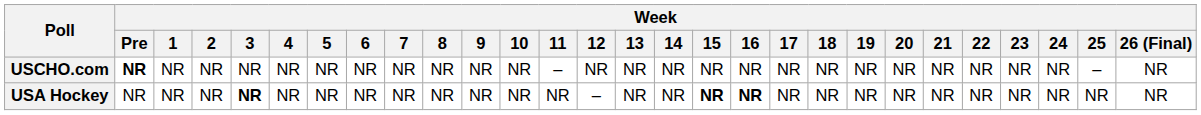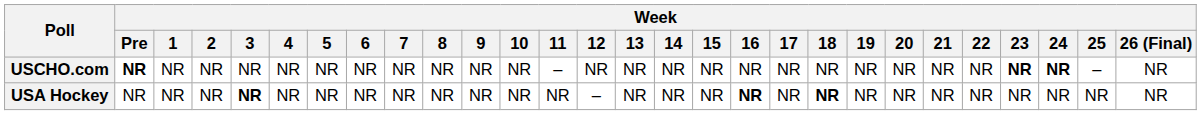 <table class="wikitable" style="white-space:nowrap;">
 <tr>
 <th scope="col" width="100" rowspan="2">Poll</th>
 <th colspan="28">Week</th>
 </tr>
 <tr>
 <th scope="col" width="30">Pre</th>
 <th scope="col" width="30">1</th>
 <th scope="col" width="30">2</th>
 <th scope="col" width="30">3</th>
 <th scope="col" width="30">4</th>
 <th scope="col" width="30">5</th>
 <th scope="col" width="30">6</th>
 <th scope="col" width="30">7</th>
 <th scope="col" width="30">8</th>
 <th scope="col" width="30">9</th>
 <th scope="col" width="30">10</th>
 <th scope="col" width="30">11</th>
 <th scope="col" width="30">12</th>
 <th scope="col" width="30">13</th>
 <th scope="col" width="30">14</th>
 <th scope="col" width="30">15</th>
 <th scope="col" width="30">16</th>
 <th scope="col" width="30">17</th>
 <th scope="col" width="30">18</th>
 <th scope="col" width="30">19</th>
 <th scope="col" width="30">20</th>
 <th scope="col" width="30">21</th>
 <th scope="col" width="30">22</th>
 <th scope="col" width="30">23</th>
 <th scope="col" width="30">24</th>
 <th scope="col" width="30">25</th>
 <th scope="col" width="30">26 (Final)</th>
 </tr>
 <tr style="text-align:center;">
 <th>USCHO.com</th>
 <td bgcolor=FFFFFF><strong>NR</strong></td>
 <td bgcolor=FFFFFF>NR</td>
 <td bgcolor=FFFFFF>NR</td>
 <td bgcolor=FFFFFF>NR</td>
 <td bgcolor=FFFFFF>NR</td>
 <td bgcolor=FFFFFF>NR</td>
 <td bgcolor=FFFFFF>NR</td>
 <td bgcolor=FFFFFF>NR</td>
 <td bgcolor=FFFFFF>NR</td>
 <td bgcolor=FFFFFF>NR</td>
 <td bgcolor=FFFFFF>NR</td>
 <td bgcolor=FFFFFF>–</td>
 <td bgcolor=FFFFFF>NR</td>
 <td bgcolor=FFFFFF>NR</td>
 <td bgcolor=FFFFFF>NR</td>
 <td bgcolor=FFFFFF>NR</td>
 <td bgcolor=FFFFFF>NR</td>
 <td bgcolor=FFFFFF>NR</td>
 <td bgcolor=FFFFFF>NR</td>
 <td bgcolor=FFFFFF>NR</td>
 <td bgcolor=FFFFFF>NR</td>
 <td bgcolor=FFFFFF>NR</td>
 <td bgcolor=FFFFFF>NR</td>
-<td bgcolor=FFFFFF>NR</td>
-<td bgcolor=FFFFFF>NR</td>
+<td bgcolor=FFFFFF><strong>NR</strong></td>
+<td bgcolor=FFFFFF><strong>NR</strong></td>
 <td bgcolor=FFFFFF>–</td>
 <td bgcolor=FFFFFF>NR</td>
 </tr>
 <tr style="text-align:center;">
 <th>USA Hockey</th>
 <td bgcolor=FFFFFF>NR</td>
 <td bgcolor=FFFFFF>NR</td>
 <td bgcolor=FFFFFF>NR</td>
 <td bgcolor=FFFFFF><strong>NR</strong></td>
 <td bgcolor=FFFFFF>NR</td>
 <td bgcolor=FFFFFF>NR</td>
 <td bgcolor=FFFFFF>NR</td>
 <td bgcolor=FFFFFF>NR</td>
 <td bgcolor=FFFFFF>NR</td>
 <td bgcolor=FFFFFF>NR</td>
 <td bgcolor=FFFFFF>NR</td>
 <td bgcolor=FFFFFF>NR</td>
 <td bgcolor=FFFFFF>–</td>
 <td bgcolor=FFFFFF>NR</td>
 <td bgcolor=FFFFFF>NR</td>
-<td bgcolor=FFFFFF><strong>NR</strong></td>
+<td bgcolor=FFFFFF>NR</td>
 <td bgcolor=FFFFFF><strong>NR</strong></td>
 <td bgcolor=FFFFFF>NR</td>
-<td bgcolor=FFFFFF>NR</td>
+<td bgcolor=FFFFFF><strong>NR</strong></td>
 <td bgcolor=FFFFFF>NR</td>
 <td bgcolor=FFFFFF>NR</td>
 <td bgcolor=FFFFFF>NR</td>
 <td bgcolor=FFFFFF>NR</td>
 <td bgcolor=FFFFFF>NR</td>
 <td bgcolor=FFFFFF>NR</td>
 <td bgcolor=FFFFFF>NR</td>
 <td bgcolor=FFFFFF>NR</td>
 </tr>
 </table>
